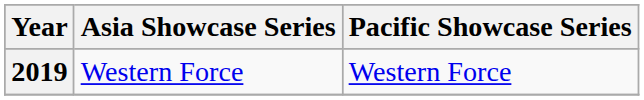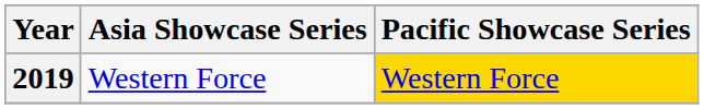 <table class="wikitable">
 <tr>
 <th>Year</th>
 <th>Asia Showcase Series</th>
 <th>Pacific Showcase Series</th>
 </tr>
 <tr>
 <th>2019</th>
 <td> <a href='#'>Western Force</a></td>
-<td> <a href='#'>Western Force</a></td>
+<td style="background: gold;"> <a href='#'>Western Force</a></td>
 </tr>
 <tr>
 </tr>
 </table>
